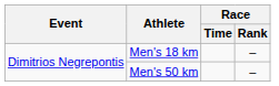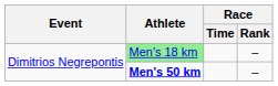 <table class="wikitable" border="1" style="font-size:90%">
 <tr>
 <th rowspan=2>Event</th>
 <th rowspan=2>Athlete</th>
 <th colspan=2>Race</th>
 </tr>
 <tr>
 <th>Time</th>
 <th>Rank</th>
 </tr>
 <tr>
 <td rowspan="2"><a href='#'>Dimitrios Negrepontis</a></td>
-<td align="left"><a href='#'>Men's 18 km</a></td>
+<td align="left" style="background: lightgreen;"><a href='#'>Men's 18 km</a></td>
 <td align="center"></td>
 <td align="center">–</td>
 </tr>
 <tr>
-<td align="left"><a href='#'>Men's 50 km</a></td>
+<td align="left"><strong><a href='#'>Men's 50 km</a></strong></td>
 <td align="center"></td>
 <td align="center">–</td>
 </tr>
 </table>
